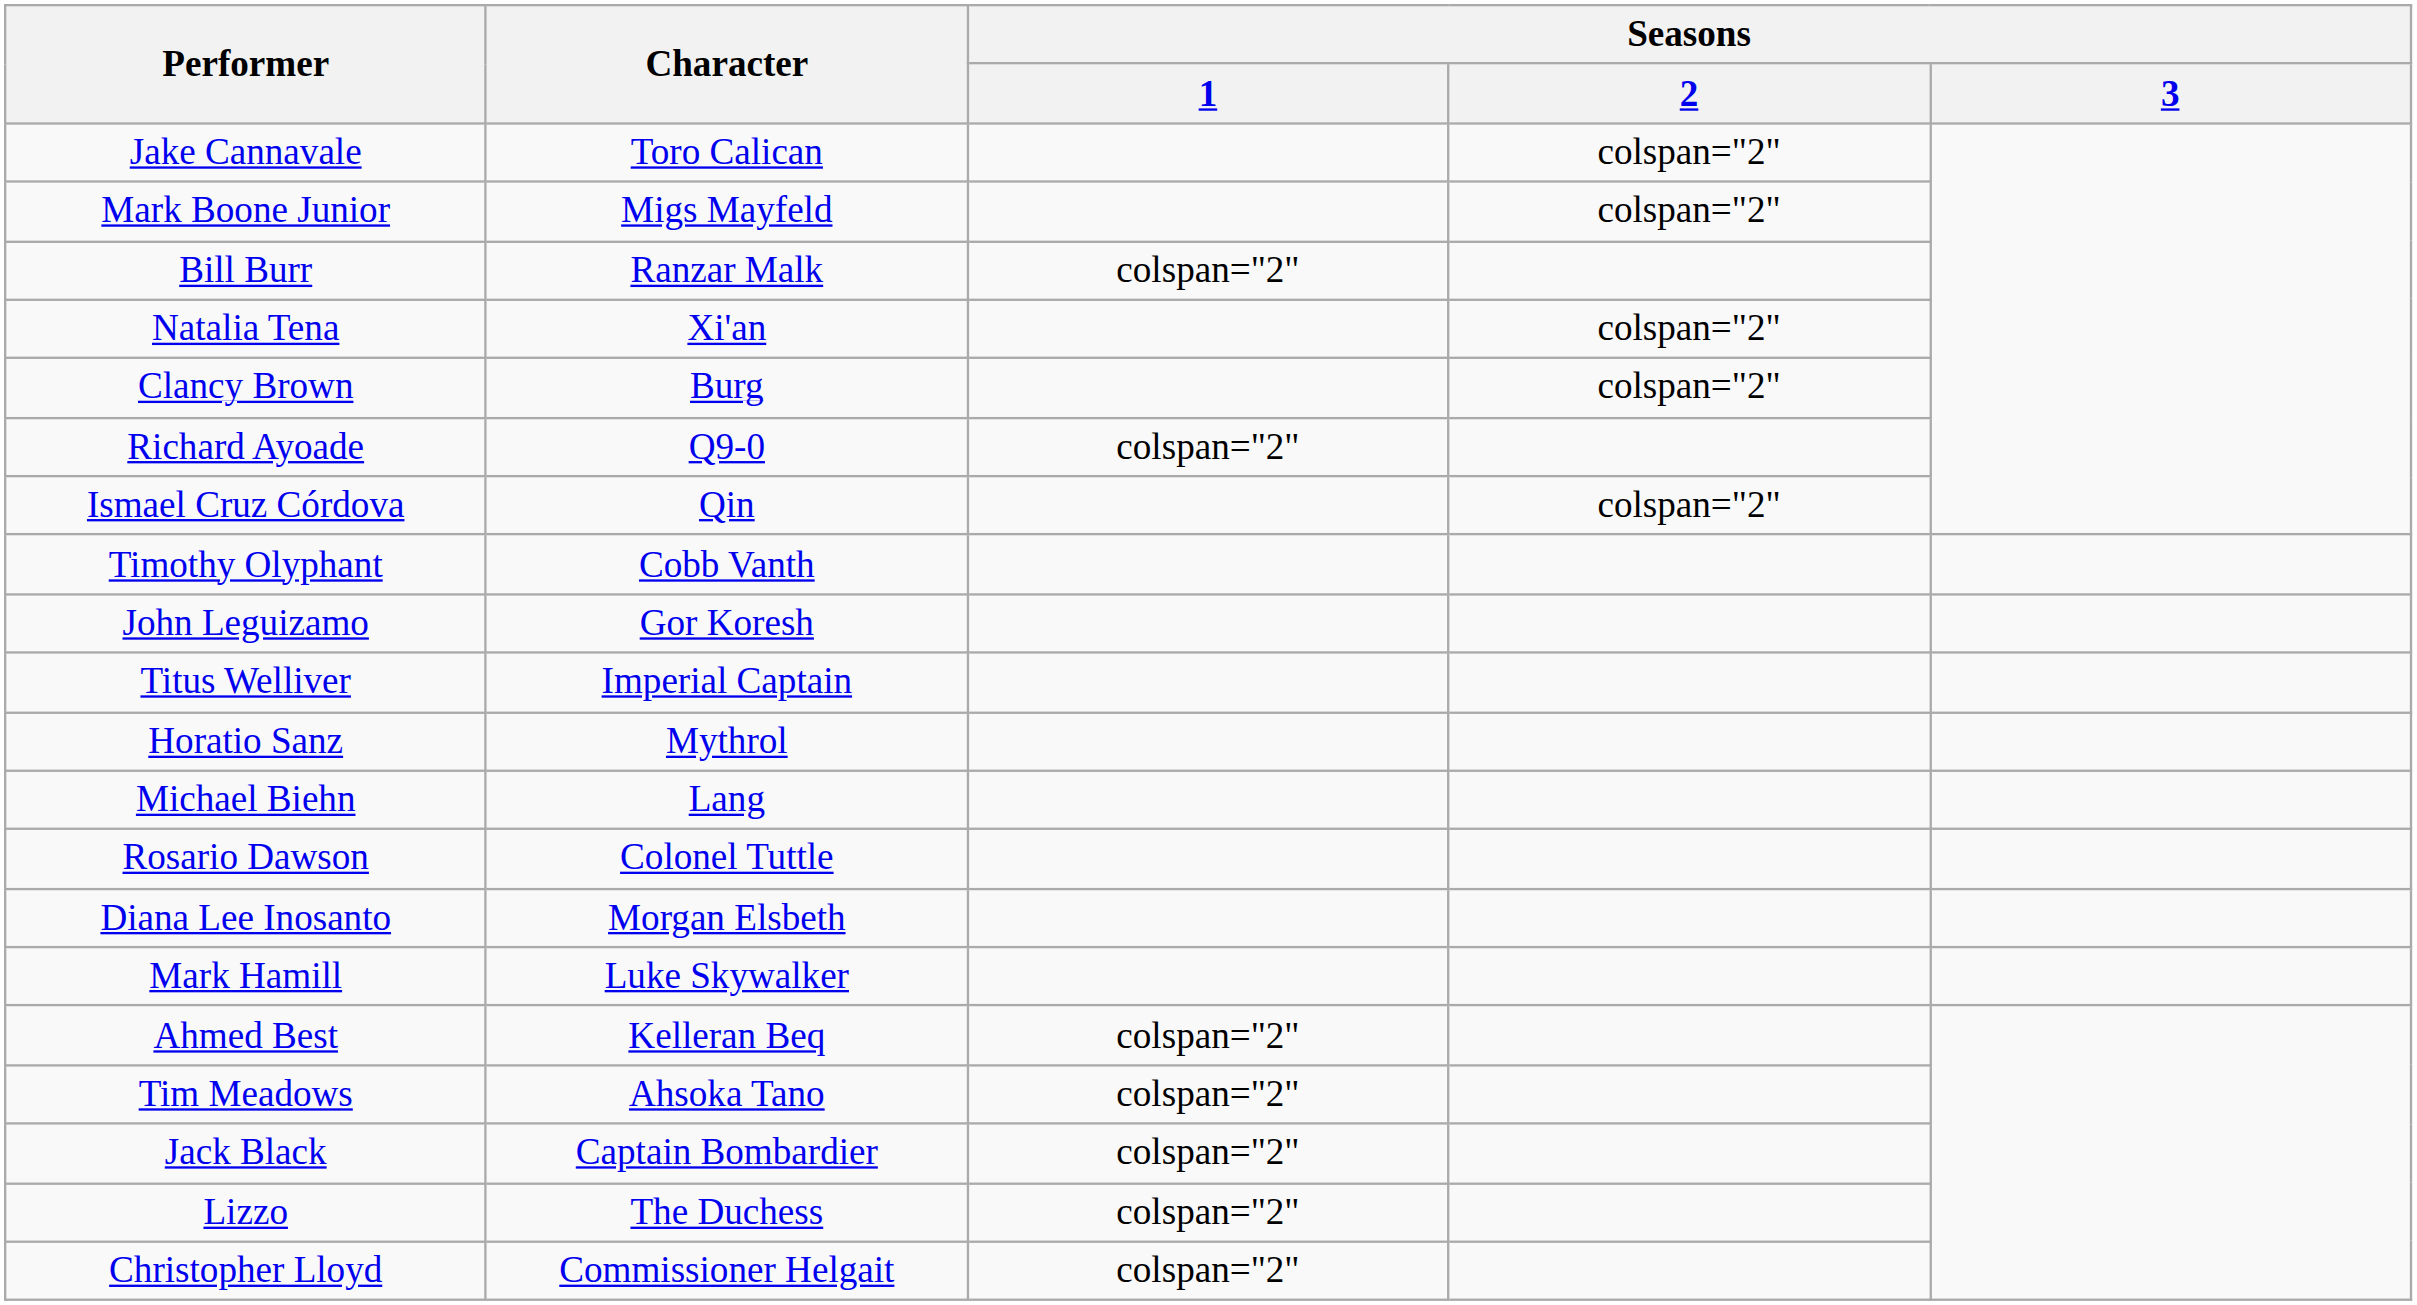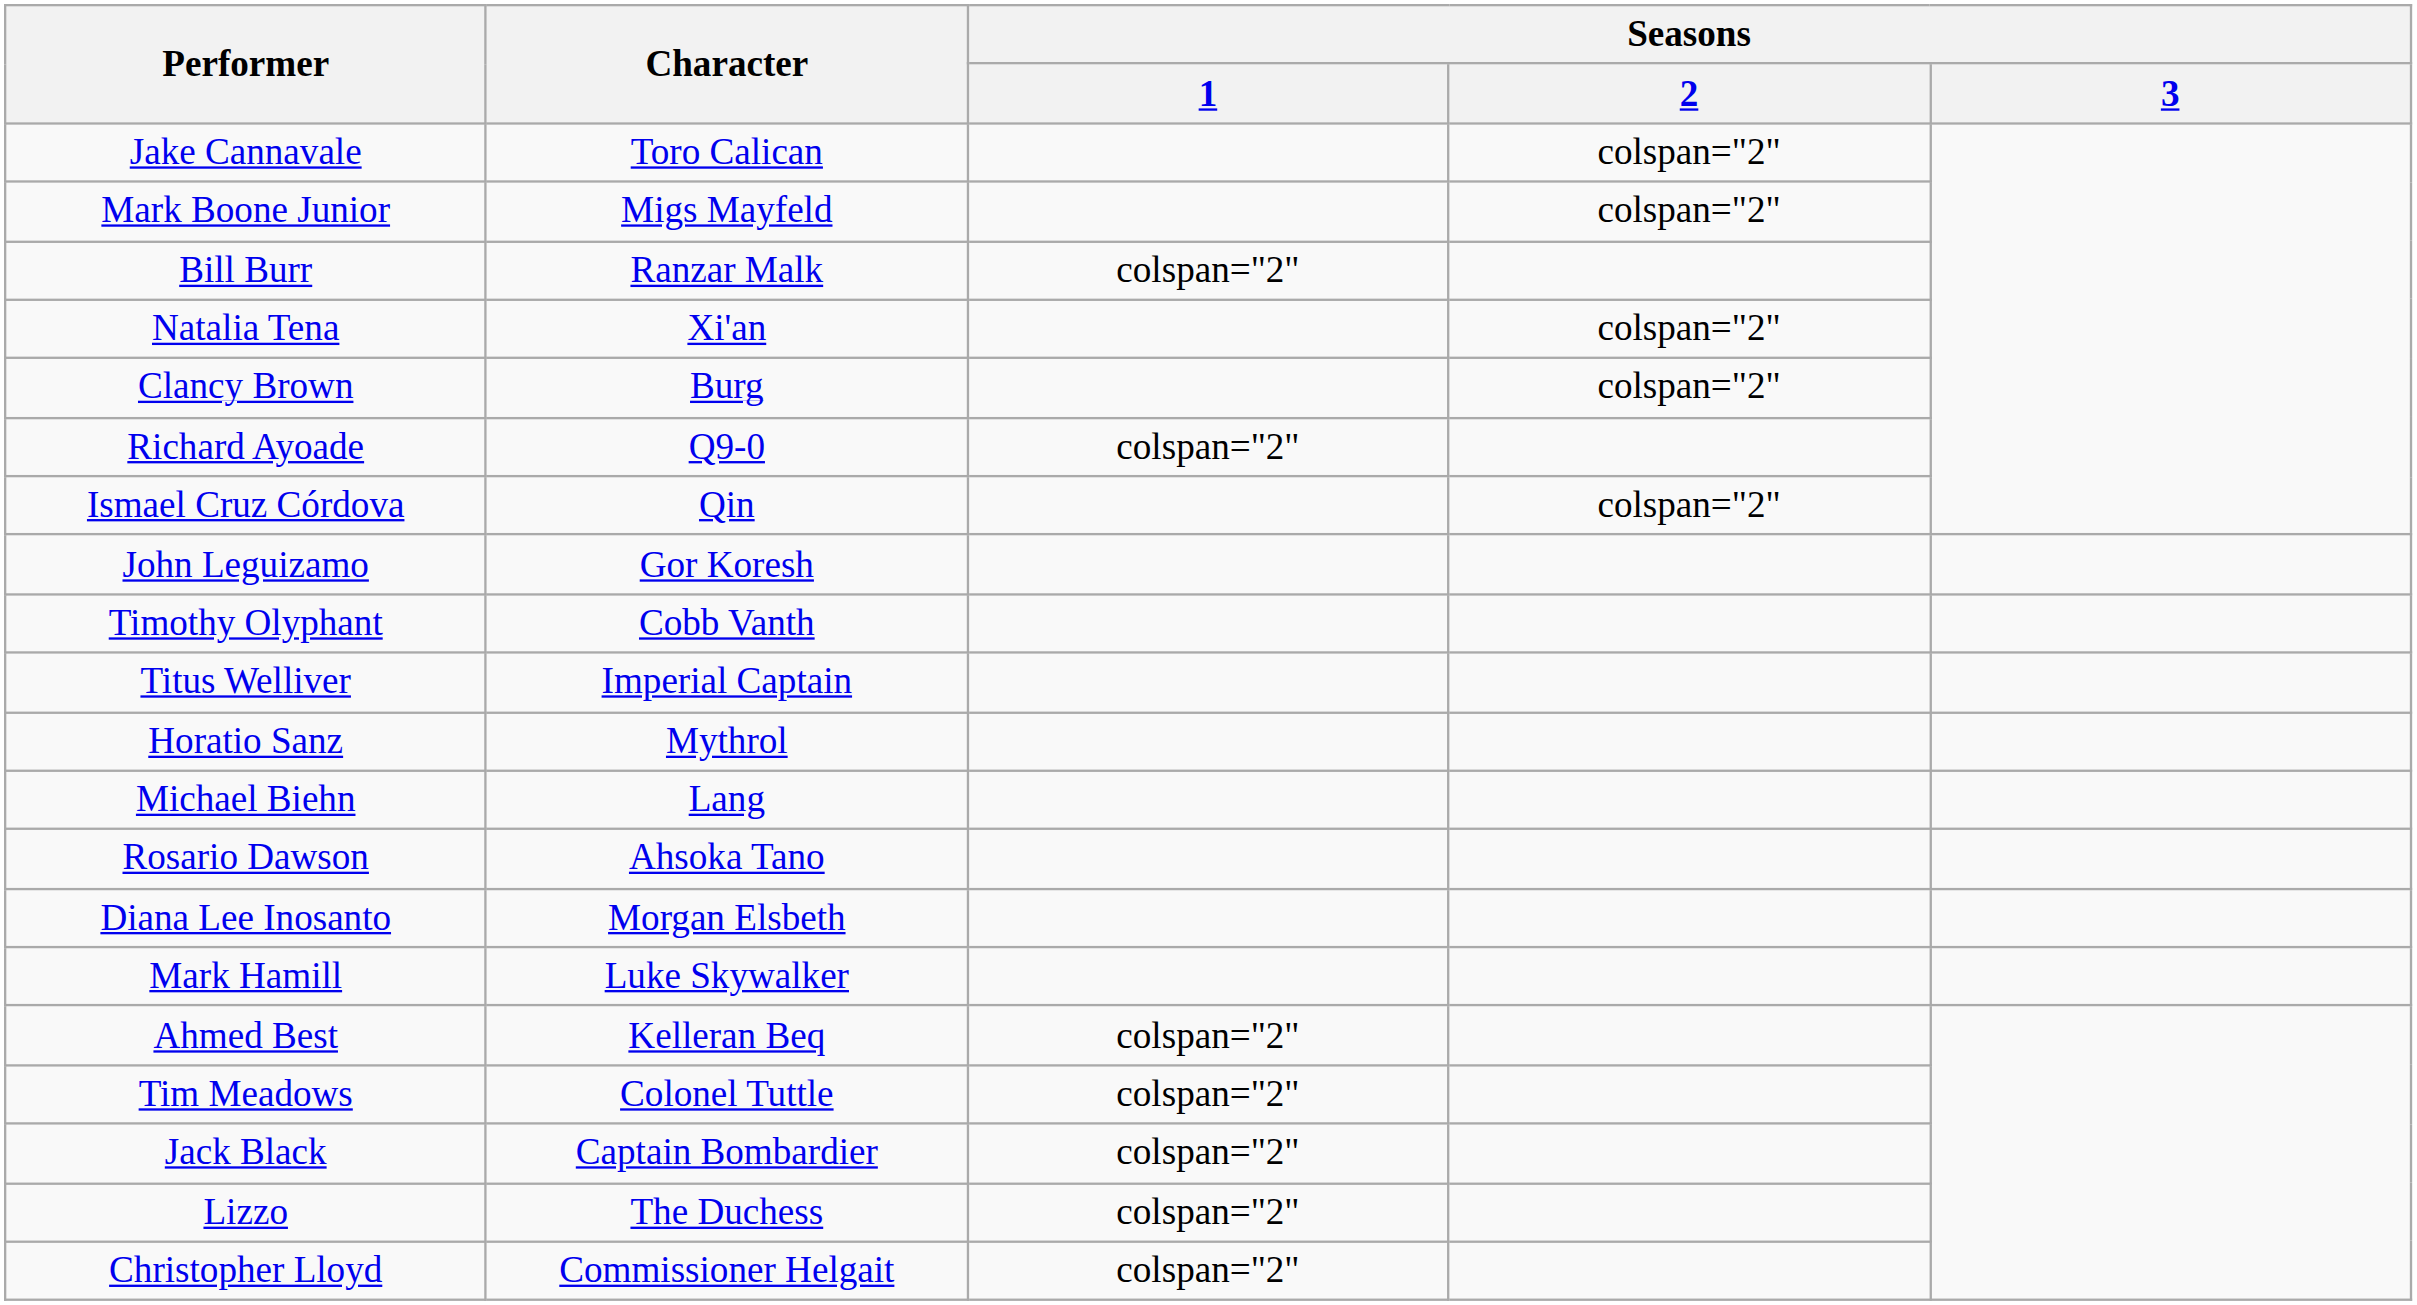 <table class="wikitable" style="text-align: center;">
 <tr>
 <th rowspan="2" style="width: 200px;">Performer</th>
 <th rowspan="2" style="width: 200px;">Character</th>
 <th colspan="3" style="width: 200px;">Seasons</th>
 </tr>
 <tr>
 <th style="width: 200px;"><a href='#'>1</a></th>
 <th style="width: 200px;"><a href='#'>2</a></th>
 <th style="width: 200px;"><a href='#'>3</a></th>
 </tr>
 <tr>
 <td><a href='#'>Jake Cannavale</a></td>
 <td><a href='#'>Toro Calican</a></td>
 <td></td>
 <td>colspan="2" </td>
 </tr>
 <tr>
 <td><a href='#'>Mark Boone Junior</a></td>
 <td><a href='#'>Migs Mayfeld</a></td>
 <td></td>
 <td>colspan="2" </td>
 </tr>
 <tr>
 <td><a href='#'>Bill Burr</a></td>
 <td><a href='#'>Ranzar Malk</a></td>
 <td>colspan="2" </td>
 <td></td>
 </tr>
 <tr>
 <td><a href='#'>Natalia Tena</a></td>
 <td><a href='#'>Xi'an</a></td>
 <td></td>
 <td>colspan="2" </td>
 </tr>
 <tr>
 <td><a href='#'>Clancy Brown</a></td>
 <td><a href='#'>Burg</a></td>
 <td></td>
 <td>colspan="2" </td>
 </tr>
 <tr>
 <td><a href='#'>Richard Ayoade</a> </td>
 <td><a href='#'>Q9-0</a></td>
 <td>colspan="2" </td>
 <td></td>
 </tr>
 <tr>
 <td><a href='#'>Ismael Cruz Córdova</a></td>
 <td><a href='#'>Qin</a></td>
 <td></td>
 <td>colspan="2" </td>
 </tr>
 <tr>
-<td><a href='#'>Timothy Olyphant</a></td>
-<td><a href='#'>Cobb Vanth</a></td>
+<td><a href='#'>John Leguizamo</a> </td>
+<td><a href='#'>Gor Koresh</a></td>
 <td></td>
 <td></td>
 <td></td>
 </tr>
 <tr>
-<td><a href='#'>John Leguizamo</a> </td>
-<td><a href='#'>Gor Koresh</a></td>
+<td><a href='#'>Timothy Olyphant</a></td>
+<td><a href='#'>Cobb Vanth</a></td>
 <td></td>
 <td></td>
 <td></td>
 </tr>
 <tr>
 <td><a href='#'>Titus Welliver</a></td>
 <td><a href='#'>Imperial Captain</a></td>
 <td></td>
 <td></td>
 <td></td>
 </tr>
 <tr>
 <td><a href='#'>Horatio Sanz</a></td>
 <td><a href='#'>Mythrol</a></td>
 <td></td>
 <td></td>
 <td></td>
 </tr>
 <tr>
 <td><a href='#'>Michael Biehn</a></td>
 <td><a href='#'>Lang</a></td>
 <td></td>
 <td></td>
 <td></td>
 </tr>
 <tr>
 <td><a href='#'>Rosario Dawson</a></td>
-<td><a href='#'>Colonel Tuttle</a></td>
+<td><a href='#'>Ahsoka Tano</a></td>
 <td></td>
 <td></td>
 <td></td>
 </tr>
 <tr>
 <td><a href='#'>Diana Lee Inosanto</a></td>
 <td><a href='#'>Morgan Elsbeth</a></td>
 <td></td>
 <td></td>
 <td></td>
 </tr>
 <tr>
 <td><a href='#'>Mark Hamill</a></td>
 <td><a href='#'>Luke Skywalker</a></td>
 <td></td>
 <td></td>
 <td></td>
 </tr>
 <tr>
 <td><a href='#'>Ahmed Best</a></td>
 <td><a href='#'>Kelleran Beq</a></td>
 <td>colspan="2" </td>
 <td></td>
 </tr>
 <tr>
 <td><a href='#'>Tim Meadows</a></td>
-<td><a href='#'>Ahsoka Tano</a></td>
+<td><a href='#'>Colonel Tuttle</a></td>
 <td>colspan="2" </td>
 <td></td>
 </tr>
 <tr>
 <td><a href='#'>Jack Black</a></td>
 <td><a href='#'>Captain Bombardier</a></td>
 <td>colspan="2" </td>
 <td></td>
 </tr>
 <tr>
 <td><a href='#'>Lizzo</a></td>
 <td><a href='#'>The Duchess</a></td>
 <td>colspan="2" </td>
 <td></td>
 </tr>
 <tr>
 <td><a href='#'>Christopher Lloyd</a></td>
 <td><a href='#'>Commissioner Helgait</a></td>
 <td>colspan="2" </td>
 <td></td>
 </tr>
 </table>
